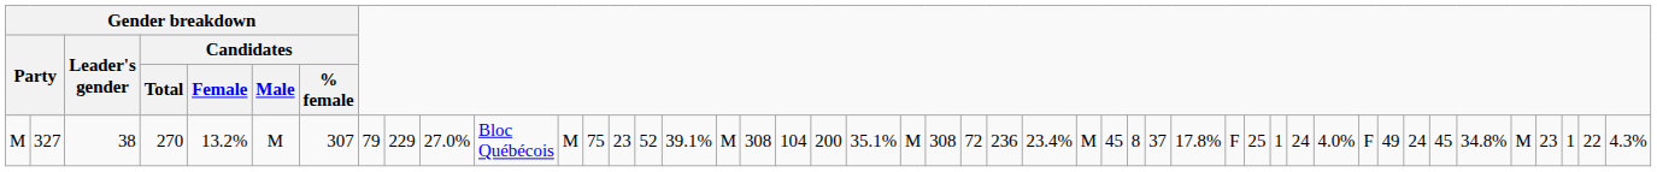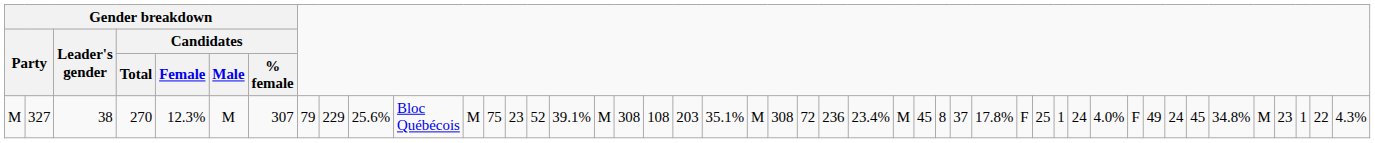 <table class="wikitable" style="font-size: 95%; ">
 <tr>
 <th colspan="7">Gender breakdown</th>
 </tr>
 <tr style="background:#ccc;">
 <th rowspan=2 colspan="2">Party</th>
 <th rowspan=2>Leader's<br>gender</th>
 <th colspan=4>Candidates</th>
 </tr>
 <tr style="background:#ccc;">
 <th>Total</th>
 <th><a href='#'>Female</a></th>
 <th><a href='#'>Male</a></th>
 <th>% female</th>
 </tr>
 <tr>
 <td align=center>M</td>
 <td align="right">327</td>
 <td align="right">38</td>
 <td align="right">270</td>
-<td align="right">13.2%<br></td>
+<td align="right">12.3%<br></td>
 <td align=center>M</td>
 <td align="right">307</td>
 <td align="right">79</td>
 <td align="right">229</td>
-<td align="right">27.0%<br></td>
+<td align="right">25.6%<br></td>
 <td><a href='#'>Bloc Québécois</a></td>
 <td align=center>M</td>
 <td align="right">75</td>
 <td align="right">23</td>
 <td align="right">52</td>
 <td align="right">39.1%<br></td>
 <td align=center>M</td>
 <td align="right">308</td>
-<td align="right">104</td>
-<td align="right">200</td>
+<td align="right">108</td>
+<td align="right">203</td>
 <td align="right">35.1%<br></td>
 <td align=center>M</td>
 <td align="right">308</td>
 <td align="right">72</td>
 <td align="right">236</td>
 <td align="right">23.4%<br></td>
 <td align=center>M</td>
 <td align="right">45</td>
 <td align="right">8</td>
 <td align="right">37</td>
 <td align="right">17.8%<br></td>
 <td align=center>F</td>
 <td align="right">25</td>
 <td align="right">1</td>
 <td align="right">24</td>
 <td align="right">4.0%<br></td>
 <td align=center>F</td>
 <td align="right">49</td>
 <td align="right">24</td>
 <td align="right">45</td>
 <td align="right">34.8%<br></td>
 <td align=center>M</td>
 <td align="right">23</td>
 <td align="right">1</td>
 <td align="right">22</td>
 <td align="right">4.3%</td>
 </tr>
 </table>
